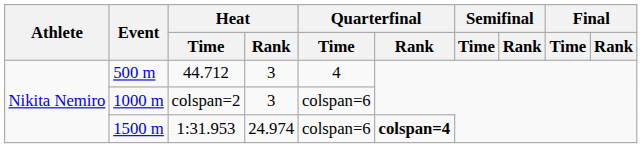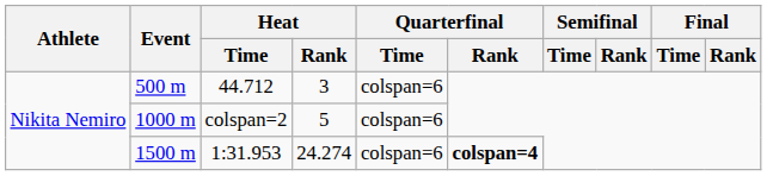 <table class=wikitable style=font-size:90%;text-align:center>
 <tr>
 <th rowspan="2">Athlete</th>
 <th rowspan="2">Event</th>
 <th colspan="2">Heat</th>
 <th colspan="2">Quarterfinal</th>
 <th colspan="2">Semifinal</th>
 <th colspan="2">Final</th>
 </tr>
 <tr>
 <th>Time</th>
 <th>Rank</th>
 <th>Time</th>
 <th>Rank</th>
 <th>Time</th>
 <th>Rank</th>
 <th>Time</th>
 <th>Rank</th>
 </tr>
 <tr>
 <td align=left rowspan=3><a href='#'>Nikita Nemiro</a></td>
 <td align=left><a href='#'>500 m</a></td>
 <td>44.712</td>
 <td>3</td>
-<td>4</td>
+<td>colspan=6 </td>
 </tr>
 <tr>
 <td align=left><a href='#'>1000 m</a></td>
 <td>colspan=2 </td>
-<td>3</td>
+<td>5</td>
 <td>colspan=6 </td>
 </tr>
 <tr>
 <td align=left><a href='#'>1500 m</a></td>
 <td>1:31.953</td>
-<td>24.974</td>
+<td>24.274</td>
 <td>colspan=6 </td>
 <td><strong>colspan=4 </strong></td>
 </tr>
 </table>
